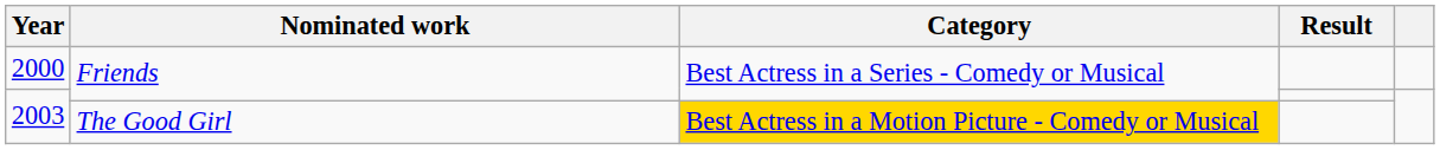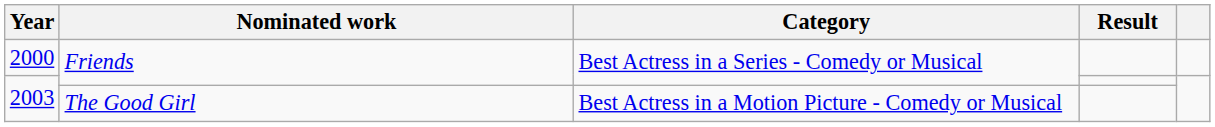 <table class="wikitable sortable">
 <tr>
 <th scope="col" style="width:1em;">Year</th>
 <th scope="col" style="width:39em;">Nominated work</th>
 <th scope="col" style="width:39em;">Category</th>
 <th scope="col" style="width:5em;">Result</th>
 <th scope="col" style="width:2em;" class="unsortable"></th>
 </tr>
 <tr>
 <td><a href='#'>2000</a></td>
 <td rowspan="2"><em><a href='#'>Friends</a></em></td>
 <td rowspan="2"><a href='#'>Best Actress in a Series - Comedy or Musical</a></td>
 <td></td>
 <td></td>
 </tr>
 <tr>
 <td rowspan="2"><a href='#'>2003</a></td>
 <td></td>
 <td rowspan="2"></td>
 </tr>
 <tr>
 <td><em><a href='#'>The Good Girl</a></em></td>
-<td style="background: gold;"><a href='#'>Best Actress in a Motion Picture - Comedy or Musical</a></td>
+<td><a href='#'>Best Actress in a Motion Picture - Comedy or Musical</a></td>
 <td></td>
 </tr>
 </table>
